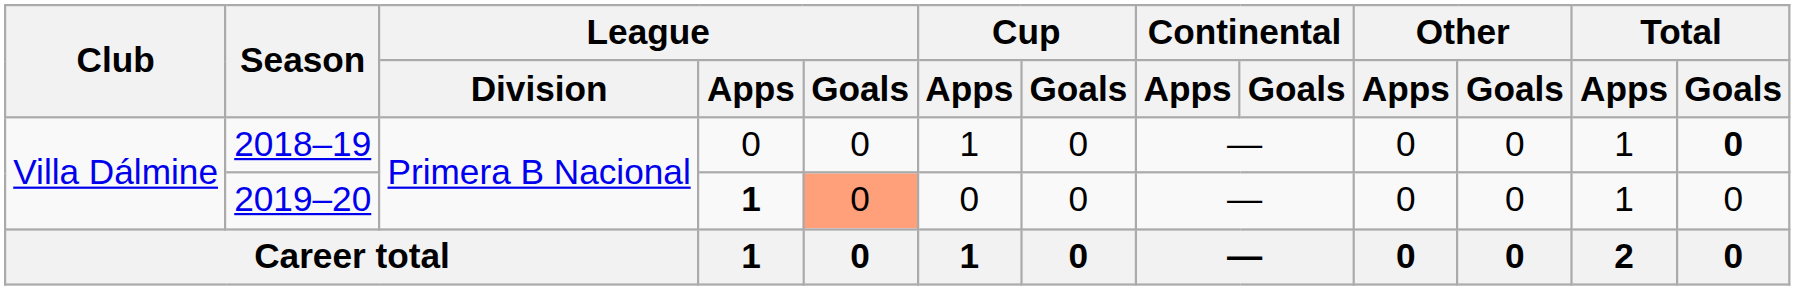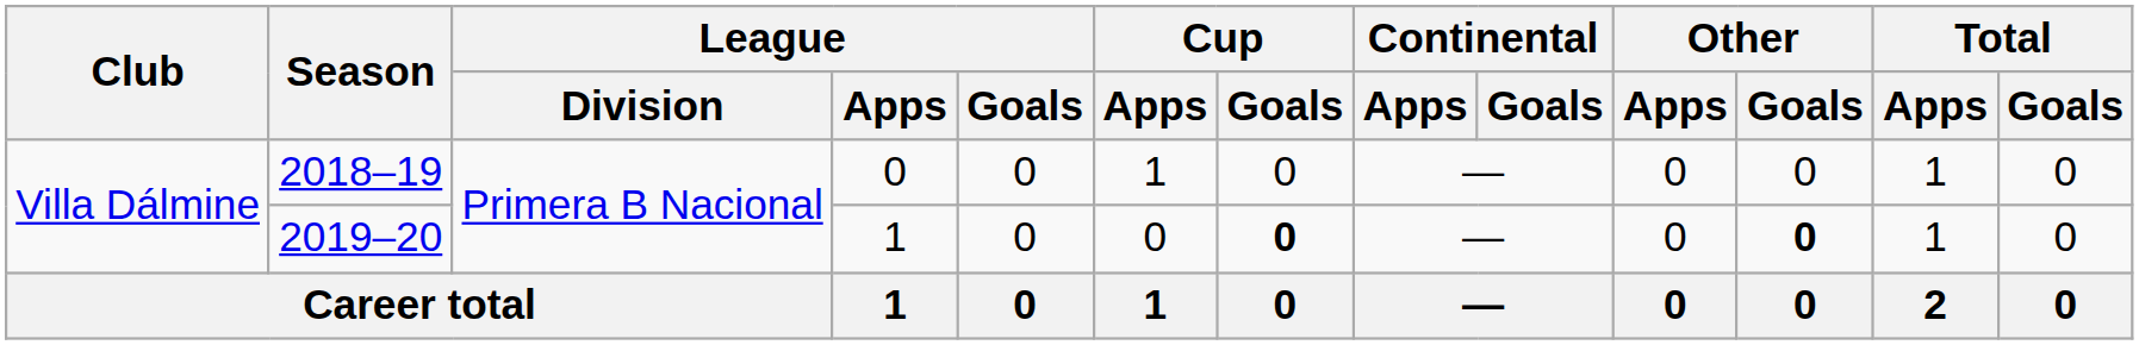 <table class="wikitable" style="text-align:center">
 <tr>
 <th rowspan="2">Club</th>
 <th rowspan="2">Season</th>
 <th colspan="3">League</th>
 <th colspan="2">Cup</th>
 <th colspan="2">Continental</th>
 <th colspan="2">Other</th>
 <th colspan="2">Total</th>
 </tr>
 <tr>
 <th>Division</th>
 <th>Apps</th>
 <th>Goals</th>
 <th>Apps</th>
 <th>Goals</th>
 <th>Apps</th>
 <th>Goals</th>
 <th>Apps</th>
 <th>Goals</th>
 <th>Apps</th>
 <th>Goals</th>
 </tr>
 <tr>
 <td rowspan="2"><a href='#'>Villa Dálmine</a></td>
 <td><a href='#'>2018–19</a></td>
 <td rowspan="2"><a href='#'>Primera B Nacional</a></td>
 <td>0</td>
 <td>0</td>
 <td>1</td>
 <td>0</td>
 <td colspan="2">—</td>
 <td>0</td>
 <td>0</td>
 <td>1</td>
-<td><strong>0</strong></td>
+<td>0</td>
 </tr>
 <tr>
 <td><a href='#'>2019–20</a></td>
-<td><strong>1</strong></td>
-<td style="background: lightsalmon;">0</td>
+<td>1</td>
 <td>0</td>
 <td>0</td>
+<td><strong>0</strong></td>
 <td colspan="2">—</td>
 <td>0</td>
-<td>0</td>
+<td><strong>0</strong></td>
 <td>1</td>
 <td>0</td>
 </tr>
 <tr>
 <th colspan="3">Career total</th>
 <th>1</th>
 <th>0</th>
 <th>1</th>
 <th>0</th>
 <th colspan="2">—</th>
 <th>0</th>
 <th>0</th>
 <th>2</th>
 <th>0</th>
 </tr>
 </table>
